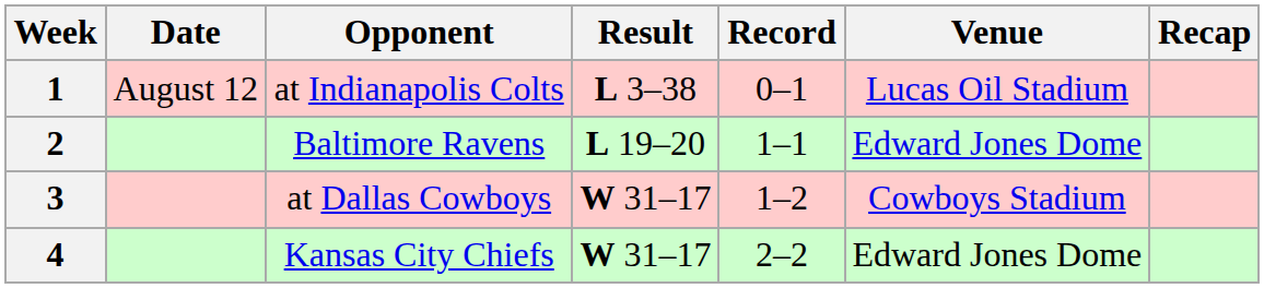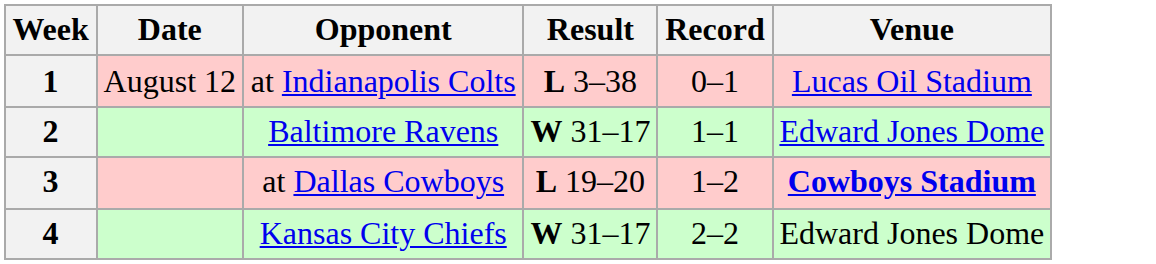 <table class="wikitable" style="text-align:center">
 <tr>
 <th>Week</th>
 <th>Date</th>
 <th>Opponent</th>
 <th>Result</th>
 <th>Record</th>
 <th>Venue</th>
-<th>Recap</th>
 </tr>
 <tr style="background:#fcc">
 <th>1</th>
 <td>August 12</td>
 <td>at <a href='#'>Indianapolis Colts</a></td>
 <td><strong>L</strong> 3–38</td>
 <td>0–1</td>
 <td><a href='#'>Lucas Oil Stadium</a></td>
-<td></td>
 </tr>
 <tr style="background:#cfc">
 <th>2</th>
 <td></td>
 <td><a href='#'>Baltimore Ravens</a></td>
-<td><strong>L</strong> 19–20</td>
+<td><strong>W</strong> 31–17</td>
 <td>1–1</td>
 <td><a href='#'>Edward Jones Dome</a></td>
-<td></td>
 </tr>
 <tr style="background:#fcc">
 <th>3</th>
 <td></td>
 <td>at <a href='#'>Dallas Cowboys</a></td>
-<td><strong>W</strong> 31–17</td>
+<td><strong>L</strong> 19–20</td>
 <td>1–2</td>
-<td><a href='#'>Cowboys Stadium</a></td>
-<td></td>
+<td><strong><a href='#'>Cowboys Stadium</a></strong></td>
 </tr>
 <tr style="background:#cfc">
 <th>4</th>
 <td></td>
 <td><a href='#'>Kansas City Chiefs</a></td>
 <td><strong>W</strong> 31–17</td>
 <td>2–2</td>
 <td>Edward Jones Dome</td>
-<td></td>
 </tr>
 </table>
